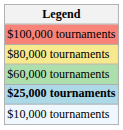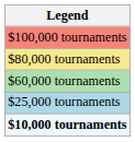 <table class="wikitable" style="font-size:85%">
 <tr>
 <th>Legend</th>
 </tr>
 <tr style="background:#f88379">
 <td>$100,000 tournaments</td>
 </tr>
 <tr style="background:#f7e98e">
 <td>$80,000 tournaments</td>
 </tr>
 <tr style="background:#addfad">
 <td>$60,000 tournaments</td>
 </tr>
 <tr style="background:lightblue">
-<td><strong>$25,000 tournaments</strong></td>
+<td>$25,000 tournaments</td>
 </tr>
 <tr style="background:#f0f8ff">
-<td>$10,000 tournaments</td>
+<td><strong>$10,000 tournaments</strong></td>
 </tr>
 </table>
